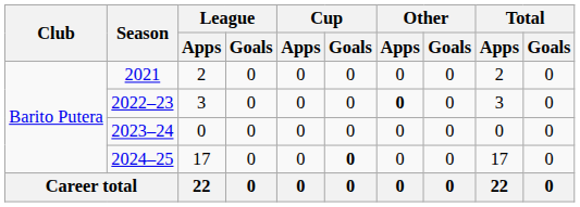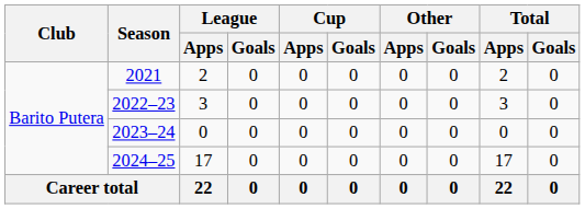 <table class="wikitable" style="text-align: center">
 <tr>
 <th rowspan="2">Club</th>
 <th rowspan="2">Season</th>
 <th colspan="2">League</th>
 <th colspan="2">Cup</th>
 <th colspan="2">Other</th>
 <th colspan="2">Total</th>
 </tr>
 <tr>
 <th>Apps</th>
 <th>Goals</th>
 <th>Apps</th>
 <th>Goals</th>
 <th>Apps</th>
 <th>Goals</th>
 <th>Apps</th>
 <th>Goals</th>
 </tr>
 <tr>
 <td rowspan="4"><a href='#'>Barito Putera</a></td>
 <td><a href='#'>2021</a></td>
 <td>2</td>
 <td>0</td>
 <td>0</td>
 <td>0</td>
 <td>0</td>
 <td>0</td>
 <td>2</td>
 <td>0</td>
 </tr>
 <tr>
 <td><a href='#'>2022–23</a></td>
 <td>3</td>
 <td>0</td>
 <td>0</td>
 <td>0</td>
-<td><strong>0</strong></td>
+<td>0</td>
 <td>0</td>
 <td>3</td>
 <td>0</td>
 </tr>
 <tr>
 <td><a href='#'>2023–24</a></td>
 <td>0</td>
 <td>0</td>
 <td>0</td>
 <td>0</td>
 <td>0</td>
 <td>0</td>
 <td>0</td>
 <td>0</td>
 </tr>
 <tr>
 <td><a href='#'>2024–25</a></td>
 <td>17</td>
 <td>0</td>
 <td>0</td>
-<td><strong>0</strong></td>
+<td>0</td>
 <td>0</td>
 <td>0</td>
 <td>17</td>
 <td>0</td>
 </tr>
 <tr>
 <th colspan=2>Career total</th>
 <th>22</th>
 <th>0</th>
 <th>0</th>
 <th>0</th>
 <th>0</th>
 <th>0</th>
 <th>22</th>
 <th>0</th>
 </tr>
 </table>
